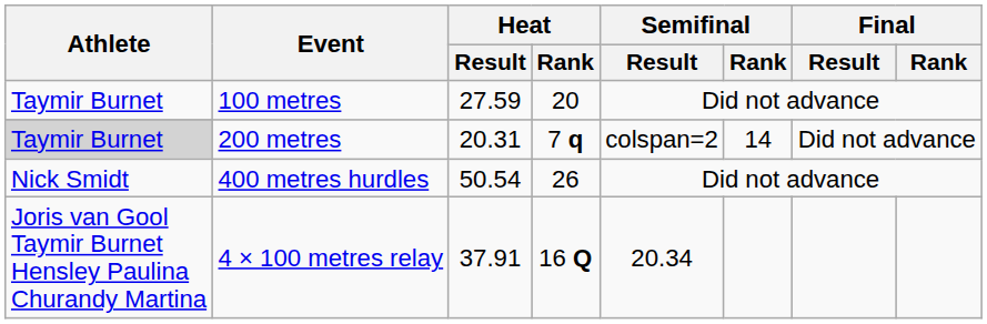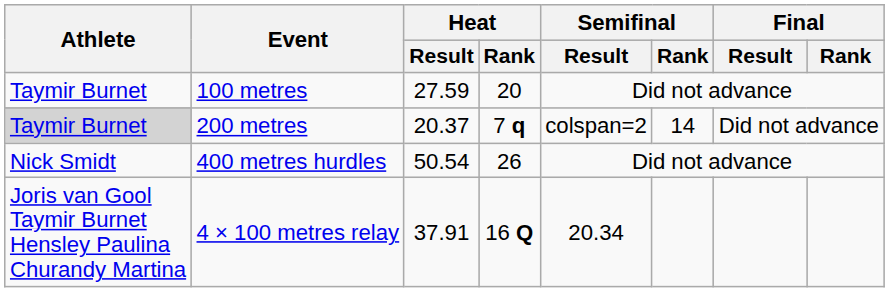 <table class="wikitable" style="font-size:90%">
 <tr>
 <th rowspan="2">Athlete</th>
 <th rowspan="2">Event</th>
 <th colspan="2">Heat</th>
 <th colspan="2">Semifinal</th>
 <th colspan="2">Final</th>
 </tr>
 <tr style="font-size:95%">
 <th>Result</th>
 <th>Rank</th>
 <th>Result</th>
 <th>Rank</th>
 <th>Result</th>
 <th>Rank</th>
 </tr>
 <tr align=center>
 <td align=left><a href='#'>Taymir Burnet</a></td>
 <td align=left><a href='#'>100 metres</a></td>
 <td>27.59</td>
 <td>20</td>
 <td colspan=4>Did not advance</td>
 </tr>
 <tr align=center>
 <td align=left style="background: lightgrey;"><a href='#'>Taymir Burnet</a></td>
 <td align=left><a href='#'>200 metres</a></td>
-<td>20.31</td>
+<td>20.37</td>
 <td>7 <strong>q</strong></td>
 <td>colspan=2 </td>
 <td>14</td>
 <td colspan=2>Did not advance</td>
 </tr>
 <tr align=center>
 <td align=left><a href='#'>Nick Smidt</a></td>
 <td align=left><a href='#'>400 metres hurdles</a></td>
 <td>50.54</td>
 <td>26</td>
 <td colspan=4>Did not advance</td>
 </tr>
 <tr align=center>
 <td align=left><a href='#'>Joris van Gool</a><br><a href='#'>Taymir Burnet</a><br><a href='#'>Hensley Paulina</a><br><a href='#'>Churandy Martina</a></td>
 <td align=left><a href='#'>4 × 100 metres relay</a></td>
 <td>37.91</td>
 <td>16 <strong>Q</strong></td>
 <td>20.34</td>
 <td></td>
 <td></td>
 </tr>
 </table>
